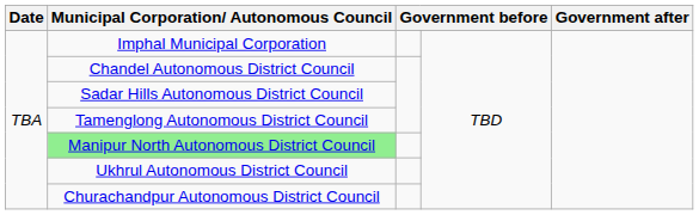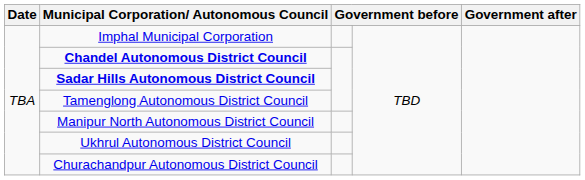 <table class="wikitable sortable"style="text-align:center;">
 <tr>
 <th>Date</th>
 <th>Municipal Corporation/ Autonomous Council</th>
 <th colspan=2>Government before</th>
 <th colspan=2>Government after</th>
 </tr>
 <tr>
 <td rowspan=7><em>TBA</em></td>
 <td><a href='#'>Imphal Municipal Corporation</a></td>
 <td></td>
 <td rowspan=7><em>TBD</em></td>
 </tr>
 <tr>
-<td><a href='#'>Chandel Autonomous District Council</a></td>
+<td><strong><a href='#'>Chandel Autonomous District Council</a></strong></td>
 </tr>
 <tr>
-<td><a href='#'>Sadar Hills Autonomous District Council</a></td>
+<td><strong><a href='#'>Sadar Hills Autonomous District Council</a></strong></td>
 </tr>
 <tr>
 <td><a href='#'>Tamenglong Autonomous District Council</a></td>
 </tr>
 <tr>
-<td style="background: lightgreen;"><a href='#'>Manipur North Autonomous District Council</a></td>
+<td><a href='#'>Manipur North Autonomous District Council</a></td>
 <td></td>
 </tr>
 <tr>
 <td><a href='#'>Ukhrul Autonomous District Council</a></td>
 </tr>
 <tr>
 <td><a href='#'>Churachandpur Autonomous District Council</a></td>
 <td></td>
 </tr>
 </table>
